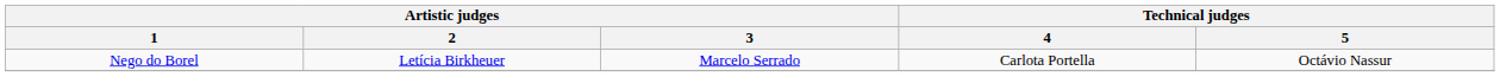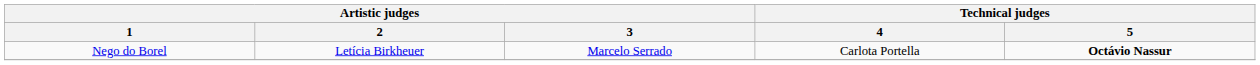 <table class="wikitable" style="font-size:100%; line-height:16px; text-align:center" width="100%">
 <tr>
 <th colspan=3>Artistic judges</th>
 <th colspan=2>Technical judges</th>
 </tr>
 <tr>
 <th width="20.0%">1</th>
 <th width="20.0%">2</th>
 <th width="20.0%">3</th>
 <th width="20.0%">4</th>
 <th width="20.0%">5</th>
 </tr>
 <tr>
 <td><a href='#'>Nego do Borel</a></td>
 <td><a href='#'>Letícia Birkheuer</a></td>
 <td><a href='#'>Marcelo Serrado</a></td>
 <td>Carlota Portella</td>
-<td>Octávio Nassur</td>
+<td><strong>Octávio Nassur</strong></td>
 </tr>
 <tr>
 </tr>
 </table>
